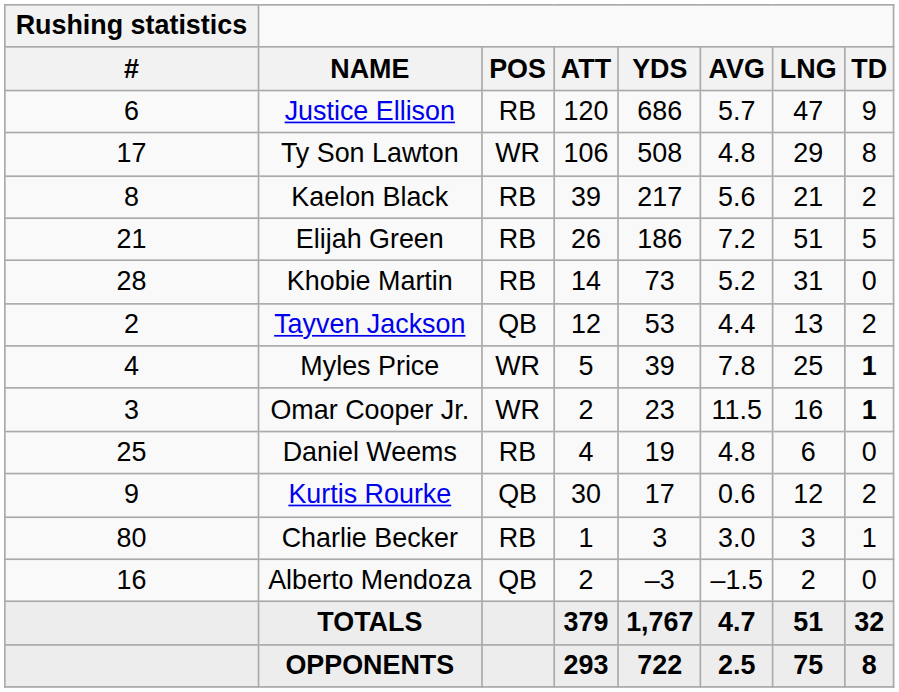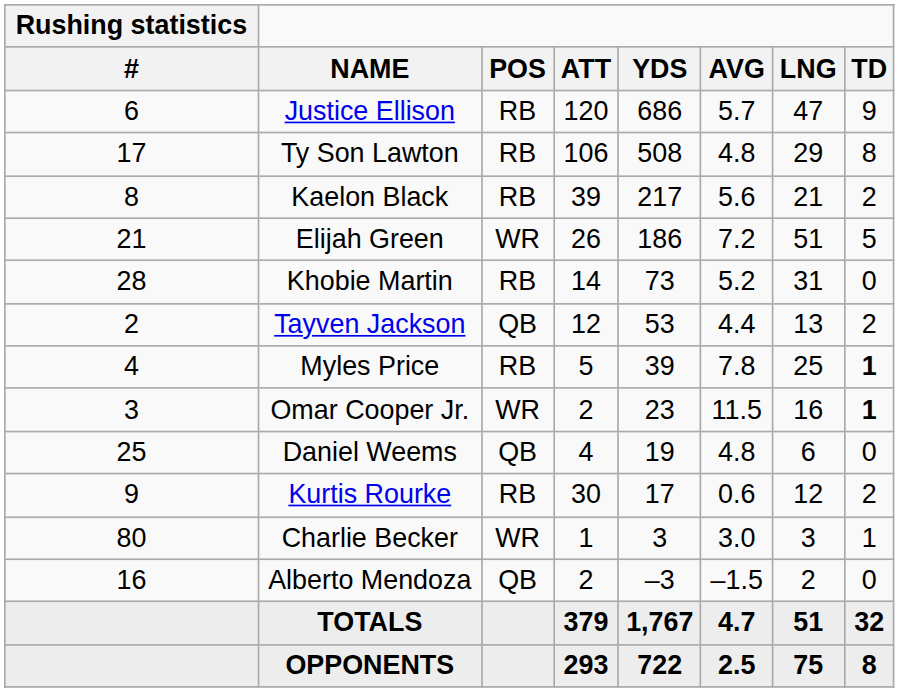 <table style="width:60%; text-align:center;" class="wikitable collapsible collapsed">
 <tr>
 <th style="text-align:center; ">Rushing statistics</th>
 </tr>
 <tr>
 <th>#</th>
 <th>NAME</th>
 <th>POS</th>
 <th>ATT</th>
 <th>YDS</th>
 <th>AVG</th>
 <th>LNG</th>
 <th>TD</th>
 </tr>
 <tr>
 <td>6</td>
 <td><a href='#'>Justice Ellison</a></td>
 <td>RB</td>
 <td>120</td>
 <td>686</td>
 <td>5.7</td>
 <td>47</td>
 <td>9</td>
 </tr>
 <tr>
 <td>17</td>
 <td>Ty Son Lawton</td>
-<td>WR</td>
+<td>RB</td>
 <td>106</td>
 <td>508</td>
 <td>4.8</td>
 <td>29</td>
 <td>8</td>
 </tr>
 <tr>
 <td>8</td>
 <td>Kaelon Black</td>
 <td>RB</td>
 <td>39</td>
 <td>217</td>
 <td>5.6</td>
 <td>21</td>
 <td>2</td>
 </tr>
 <tr>
 <td>21</td>
 <td>Elijah Green</td>
-<td>RB</td>
+<td>WR</td>
 <td>26</td>
 <td>186</td>
 <td>7.2</td>
 <td>51</td>
 <td>5</td>
 </tr>
 <tr>
 <td>28</td>
 <td>Khobie Martin</td>
 <td>RB</td>
 <td>14</td>
 <td>73</td>
 <td>5.2</td>
 <td>31</td>
 <td>0</td>
 </tr>
 <tr>
 <td>2</td>
 <td><a href='#'>Tayven Jackson</a></td>
 <td>QB</td>
 <td>12</td>
 <td>53</td>
 <td>4.4</td>
 <td>13</td>
 <td>2</td>
 </tr>
 <tr>
 <td>4</td>
 <td>Myles Price</td>
-<td>WR</td>
+<td>RB</td>
 <td>5</td>
 <td>39</td>
 <td>7.8</td>
 <td>25</td>
 <td><strong>1</strong></td>
 </tr>
 <tr>
 <td>3</td>
 <td>Omar Cooper Jr.</td>
 <td>WR</td>
 <td>2</td>
 <td>23</td>
 <td>11.5</td>
 <td>16</td>
 <td><strong>1</strong></td>
 </tr>
 <tr>
 <td>25</td>
 <td>Daniel Weems</td>
-<td>RB</td>
+<td>QB</td>
 <td>4</td>
 <td>19</td>
 <td>4.8</td>
 <td>6</td>
 <td>0</td>
 </tr>
 <tr>
 <td>9</td>
 <td><a href='#'>Kurtis Rourke</a></td>
-<td>QB</td>
+<td>RB</td>
 <td>30</td>
 <td>17</td>
 <td>0.6</td>
 <td>12</td>
 <td>2</td>
 </tr>
 <tr>
 <td>80</td>
 <td>Charlie Becker</td>
-<td>RB</td>
+<td>WR</td>
 <td>1</td>
 <td>3</td>
 <td>3.0</td>
 <td>3</td>
 <td>1</td>
 </tr>
 <tr>
 <td>16</td>
 <td>Alberto Mendoza</td>
 <td>QB</td>
 <td>2</td>
 <td>–3</td>
 <td>–1.5</td>
 <td>2</td>
 <td>0</td>
 </tr>
 <tr style="background-color:#ededed;">
 <td></td>
 <td><strong>TOTALS</strong></td>
 <td></td>
 <td><strong>379</strong></td>
 <td><strong>1,767</strong></td>
 <td><strong>4.7</strong></td>
 <td><strong>51</strong></td>
 <td><strong>32</strong></td>
 </tr>
 <tr style="background-color:#ededed;">
 <td></td>
 <td><strong>OPPONENTS</strong></td>
 <td></td>
 <td><strong>293</strong></td>
 <td><strong>722</strong></td>
 <td><strong>2.5</strong></td>
 <td><strong>75</strong></td>
 <td><strong>8</strong></td>
 </tr>
 </table>
